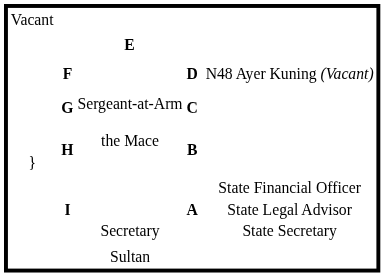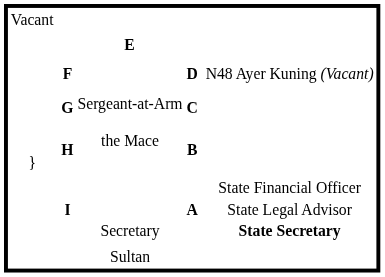 <table style="font-size:100%; text-align:center; border: 4px solid">
 <tr>
 <td>Vacant</td>
 <td></td>
 <td></td>
 <td></td>
 <td></td>
 <td></td>
 <td></td>
 </tr>
 <tr>
 <td></td>
 <td style="background-color:"></td>
 <td style="background-color:"></td>
 <td></td>
 <td></td>
 <td></td>
 <td></td>
 </tr>
 <tr>
 <td></td>
 <td></td>
 <td colspan=3><strong>E</strong></td>
 <td></td>
 <td></td>
 </tr>
 <tr>
 <td></td>
 </tr>
 <tr>
 <td></td>
 <td></td>
 <td rowspan=3><strong>F</strong></td>
 <td></td>
 <td rowspan=3><strong>D</strong></td>
 <td></td>
 <td></td>
 </tr>
 <tr>
 <td></td>
 <td></td>
 <td></td>
 <td></td>
 <td>N48 Ayer Kuning <em>(Vacant)</em></td>
 </tr>
 <tr>
 <td></td>
 <td></td>
 <td></td>
 <td></td>
 <td></td>
 </tr>
 <tr>
 <td></td>
 </tr>
 <tr>
 <td></td>
 <td></td>
 <td rowspan=3><strong>G</strong></td>
 <td>Sergeant-at-Arm</td>
 <td rowspan=3><strong>C</strong></td>
 <td></td>
 <td></td>
 </tr>
 <tr>
 <td></td>
 <td></td>
 <td></td>
 <td></td>
 <td></td>
 </tr>
 <tr>
 <td></td>
 <td></td>
 <td></td>
 <td></td>
 <td></td>
 </tr>
 <tr>
 <td></td>
 </tr>
 <tr>
 <td></td>
 <td></td>
 <td rowspan=3><strong>H</strong></td>
 <td></td>
 <td rowspan=3><strong>B</strong></td>
 <td></td>
 <td></td>
 </tr>
 <tr>
 <td></td>
 <td></td>
 <td>the Mace</td>
 <td></td>
 <td></td>
 </tr>
 <tr>
 <td>}</td>
 <td></td>
 <td></td>
 <td></td>
 <td></td>
 </tr>
 <tr>
 <td></td>
 </tr>
 <tr>
 <td></td>
 <td></td>
 <td rowspan="3"><strong>I</strong></td>
 <td></td>
 <td rowspan=3><strong>A</strong></td>
 <td></td>
 <td>State Financial Officer</td>
 </tr>
 <tr>
 <td></td>
 <td></td>
 <td></td>
 <td></td>
 <td>State Legal Advisor</td>
 </tr>
 <tr>
 <td></td>
 <td></td>
 <td>Secretary</td>
 <td></td>
-<td>State Secretary</td>
+<td><strong>State Secretary</strong></td>
 </tr>
 <tr>
 <td></td>
 <td></td>
 <td></td>
 <td></td>
 <td></td>
 <td></td>
 <td></td>
 </tr>
 <tr>
 <td></td>
 <td></td>
 <td></td>
 <td>Sultan</td>
 <td></td>
 <td></td>
 <td></td>
 </tr>
 </table>
